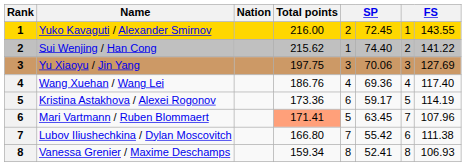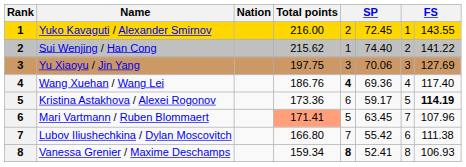 <table class="wikitable sortable">
 <tr>
 <th>Rank</th>
 <th>Name</th>
 <th>Nation</th>
 <th>Total points</th>
 <th colspan="2" width="80px"><a href='#'>SP</a></th>
 <th colspan="2" width="80px"><a href='#'>FS</a></th>
 </tr>
 <tr bgcolor="gold">
 <td align="center"><strong>1</strong></td>
 <td><a href='#'>Yuko Kavaguti</a> / <a href='#'>Alexander Smirnov</a></td>
 <td></td>
 <td align="center">216.00</td>
 <td align="center">2</td>
 <td align="center">72.45</td>
 <td align="center">1</td>
 <td align="center">143.55</td>
 </tr>
 <tr bgcolor="silver">
 <td align="center"><strong>2</strong></td>
 <td><a href='#'>Sui Wenjing</a> / <a href='#'>Han Cong</a></td>
 <td></td>
 <td align="center">215.62</td>
 <td align="center">1</td>
 <td align="center">74.40</td>
 <td align="center">2</td>
 <td align="center">141.22</td>
 </tr>
 <tr bgcolor="cc9966">
 <td align="center"><strong>3</strong></td>
 <td><a href='#'>Yu Xiaoyu</a> / <a href='#'>Jin Yang</a></td>
 <td></td>
 <td align="center">197.75</td>
 <td align="center">3</td>
 <td align="center">70.06</td>
 <td align="center">3</td>
 <td align="center">127.69</td>
 </tr>
 <tr>
 <th>4</th>
 <td><a href='#'>Wang Xuehan</a> / <a href='#'>Wang Lei</a></td>
 <td></td>
 <td align="center">186.76</td>
-<td align="center">4</td>
+<td align="center"><strong>4</strong></td>
 <td align="center">69.36</td>
 <td align="center">4</td>
 <td align="center">117.40</td>
 </tr>
 <tr>
 <th>5</th>
 <td><a href='#'>Kristina Astakhova</a> / <a href='#'>Alexei Rogonov</a></td>
 <td></td>
 <td align="center">173.36</td>
 <td align="center">6</td>
 <td align="center">59.17</td>
 <td align="center">5</td>
-<td align="center">114.19</td>
+<td align="center"><strong>114.19</strong></td>
 </tr>
 <tr>
 <th>6</th>
 <td><a href='#'>Mari Vartmann</a> / <a href='#'>Ruben Blommaert</a></td>
 <td></td>
 <td align="center" style="background: lightsalmon;">171.41</td>
 <td align="center">5</td>
 <td align="center">63.45</td>
 <td align="center">7</td>
 <td align="center">107.96</td>
 </tr>
 <tr>
 <th>7</th>
 <td><a href='#'>Lubov Iliushechkina</a> / <a href='#'>Dylan Moscovitch</a></td>
 <td></td>
 <td align="center">166.80</td>
 <td align="center">7</td>
 <td align="center">55.42</td>
 <td align="center">6</td>
 <td align="center">111.38</td>
 </tr>
 <tr>
 <th>8</th>
 <td><a href='#'>Vanessa Grenier</a> / <a href='#'>Maxime Deschamps</a></td>
 <td></td>
 <td align="center">159.34</td>
-<td align="center">8</td>
+<td align="center"><strong>8</strong></td>
 <td align="center">52.41</td>
 <td align="center">8</td>
 <td align="center">106.93</td>
 </tr>
 </table>
